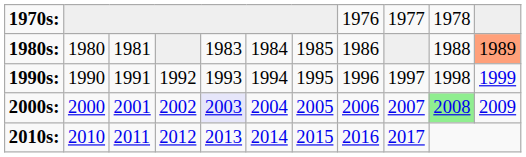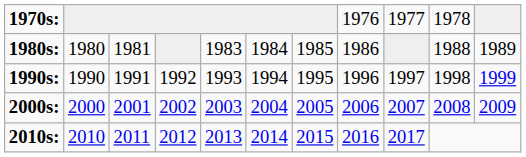 <table class="wikitable">
 <tr>
 <td><strong>1970s:</strong></td>
 <td colspan="6" bgcolor=#EFEFEF></td>
 <td>1976</td>
 <td>1977</td>
 <td>1978</td>
 <td bgcolor=#EFEFEF></td>
 </tr>
 <tr>
 <td><strong>1980s:</strong></td>
 <td>1980</td>
 <td>1981</td>
 <td bgcolor=#EFEFEF></td>
 <td>1983</td>
 <td>1984</td>
 <td>1985</td>
 <td>1986</td>
 <td bgcolor=#EFEFEF></td>
 <td>1988</td>
-<td style="background: lightsalmon;">1989</td>
+<td>1989</td>
 </tr>
 <tr>
 <td><strong>1990s:</strong></td>
 <td>1990</td>
 <td>1991</td>
 <td>1992</td>
 <td>1993</td>
 <td>1994</td>
 <td>1995</td>
 <td>1996</td>
 <td>1997</td>
 <td>1998</td>
 <td><a href='#'>1999</a></td>
 </tr>
 <tr>
 <td><strong>2000s:</strong></td>
 <td><a href='#'>2000</a></td>
 <td><a href='#'>2001</a></td>
 <td><a href='#'>2002</a></td>
-<td style="background: lavender;"><a href='#'>2003</a></td>
+<td><a href='#'>2003</a></td>
 <td><a href='#'>2004</a></td>
 <td><a href='#'>2005</a></td>
 <td><a href='#'>2006</a></td>
 <td><a href='#'>2007</a></td>
-<td style="background: lightgreen;"><a href='#'>2008</a></td>
+<td><a href='#'>2008</a></td>
 <td><a href='#'>2009</a></td>
 </tr>
 <tr>
 <td><strong>2010s:</strong></td>
 <td><a href='#'>2010</a></td>
 <td><a href='#'>2011</a></td>
 <td><a href='#'>2012</a></td>
 <td><a href='#'>2013</a></td>
 <td><a href='#'>2014</a></td>
 <td><a href='#'>2015</a></td>
 <td><a href='#'>2016</a></td>
 <td><a href='#'>2017</a></td>
 </tr>
 </table>
